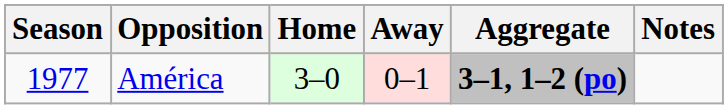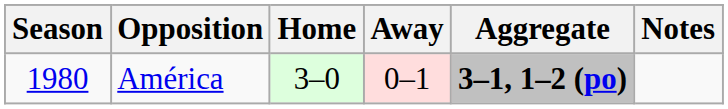 <table class="wikitable sortable">
 <tr>
 <th>Season</th>
 <th>Opposition</th>
 <th>Home</th>
 <th>Away</th>
 <th>Aggregate</th>
 <th>Notes</th>
 </tr>
 <tr>
-<td align=center><a href='#'>1977</a></td>
+<td align=center><a href='#'>1980</a></td>
 <td> <a href='#'>América</a></td>
 <td style="text-align:center; background:#dfd;">3–0</td>
 <td style="text-align:center; background:#fdd;">0–1</td>
 <td bgcolor=silver style="text-align:center;"><strong>3–1, 1–2 (<a href='#'>po</a>) </strong></td>
 <td style="text-align:center;"></td>
 </tr>
 </table>
